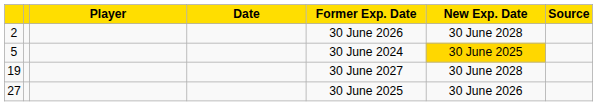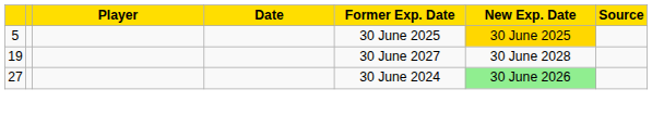 <table class="wikitable sortable">
 <tr>
 <th style="background:#FFDE00"></th>
 <th style="background:#FFDE00"></th>
 <th width=200 style="background:#FFDE00">Player</th>
 <th width=150 style="background:#FFDE00">Date</th>
 <th width=150 style="background:#FFDE00">Former Exp. Date</th>
 <th width=150 style="background:#FFDE00">New Exp. Date</th>
 <th style="background:#FFDE00">Source</th>
 </tr>
 <tr>
-<td align=center>2</td>
-<td align=center></td>
-<td></td>
-<td align=center></td>
-<td align=center>30 June 2026</td>
-<td align=center>30 June 2028</td>
-<td align=center></td>
-</tr>
-<tr>
 <td align=center>5</td>
 <td align=center></td>
 <td></td>
 <td align=center></td>
-<td align=center>30 June 2024</td>
+<td align=center>30 June 2025</td>
 <td align=center style="background: gold;">30 June 2025</td>
 <td align=center></td>
 </tr>
 <tr>
 <td align=center>19</td>
 <td align=center></td>
 <td></td>
 <td align=center></td>
 <td align=center>30 June 2027</td>
 <td align=center>30 June 2028</td>
 <td align=center></td>
 </tr>
 <tr>
 <td align=center>27</td>
 <td align=center></td>
 <td></td>
 <td align=center></td>
-<td align=center>30 June 2025</td>
-<td align=center>30 June 2026</td>
+<td align=center>30 June 2024</td>
+<td align=center style="background: lightgreen;">30 June 2026</td>
 <td align=center></td>
 </tr>
 </table>
